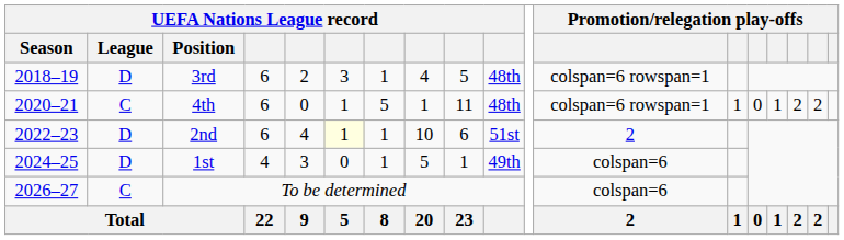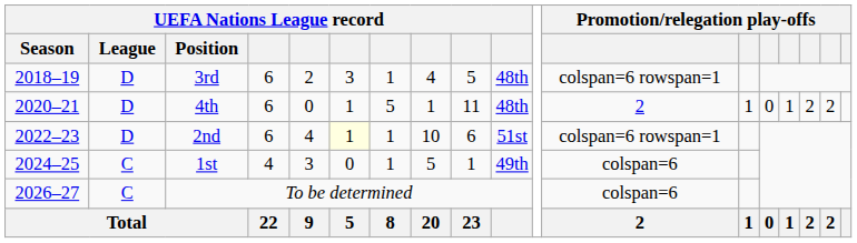 <table class="wikitable" style="text-align: center;">
 <tr>
 <th colspan=10><a href='#'>UEFA Nations League</a> record</th>
 <th style="width:1%;background:white" rowspan=8></th>
 <th colspan="7">Promotion/relegation play-offs</th>
 </tr>
 <tr>
 <th>Season</th>
 <th>League</th>
 <th>Position</th>
 <th width=28></th>
 <th width=28></th>
 <th width=28></th>
 <th width=28></th>
 <th width=28></th>
 <th width=28></th>
 <th width=28></th>
 <th></th>
 <th></th>
 <th></th>
 <th></th>
 <th></th>
 <th></th>
 <th></th>
 </tr>
 <tr>
 <td><a href='#'>2018–19</a></td>
 <td><a href='#'>D</a></td>
 <td><a href='#'>3rd</a></td>
 <td>6</td>
 <td>2</td>
 <td>3</td>
 <td>1</td>
 <td>4</td>
 <td>5</td>
 <td><a href='#'>48th</a></td>
 <td>colspan=6 rowspan=1 </td>
 <td></td>
 </tr>
 <tr>
 <td><a href='#'>2020–21</a></td>
-<td><a href='#'>C</a></td>
+<td><a href='#'>D</a></td>
 <td><a href='#'>4th</a></td>
 <td>6</td>
 <td>0</td>
 <td>1</td>
 <td>5</td>
 <td>1</td>
 <td>11</td>
 <td><a href='#'>48th</a></td>
-<td>colspan=6 rowspan=1 </td>
+<td><a href='#'>2</a></td>
 <td>1</td>
 <td>0</td>
 <td>1</td>
 <td>2</td>
 <td>2</td>
 <td></td>
 </tr>
 <tr>
 <td><a href='#'>2022–23</a></td>
 <td><a href='#'>D</a></td>
 <td><a href='#'>2nd</a></td>
 <td>6</td>
 <td>4</td>
 <td style="background: lightyellow;">1</td>
 <td>1</td>
 <td>10</td>
 <td>6</td>
 <td><a href='#'>51st</a></td>
-<td><a href='#'>2</a></td>
+<td>colspan=6 rowspan=1 </td>
 <td></td>
 </tr>
 <tr>
 <td><a href='#'>2024–25</a></td>
-<td><a href='#'>D</a></td>
+<td><a href='#'>C</a></td>
 <td><a href='#'>1st</a></td>
 <td>4</td>
 <td>3</td>
 <td>0</td>
 <td>1</td>
 <td>5</td>
 <td>1</td>
 <td><a href='#'>49th</a></td>
 <td>colspan=6 </td>
 <td></td>
 </tr>
 <tr>
 <td><a href='#'>2026–27</a></td>
 <td><a href='#'>C</a></td>
 <td colspan=8><em>To be determined</em></td>
 <td>colspan=6 </td>
 <td></td>
 </tr>
 <tr>
 <th colspan=3>Total</th>
 <th>22</th>
 <th>9</th>
 <th>5</th>
 <th>8</th>
 <th>20</th>
 <th>23</th>
 <th></th>
 <th>2</th>
 <th>1</th>
 <th>0</th>
 <th>1</th>
 <th>2</th>
 <th>2</th>
 <th></th>
 </tr>
 </table>
